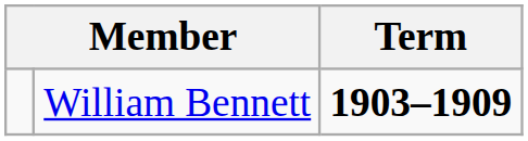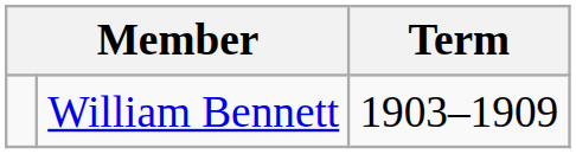 <table class="wikitable">
 <tr>
 <th colspan="2">Member</th>
 <th>Term</th>
 </tr>
 <tr>
 <td> </td>
 <td><a href='#'>William Bennett</a></td>
-<td><strong>1903–1909</strong></td>
+<td>1903–1909</td>
 </tr>
 </table>
